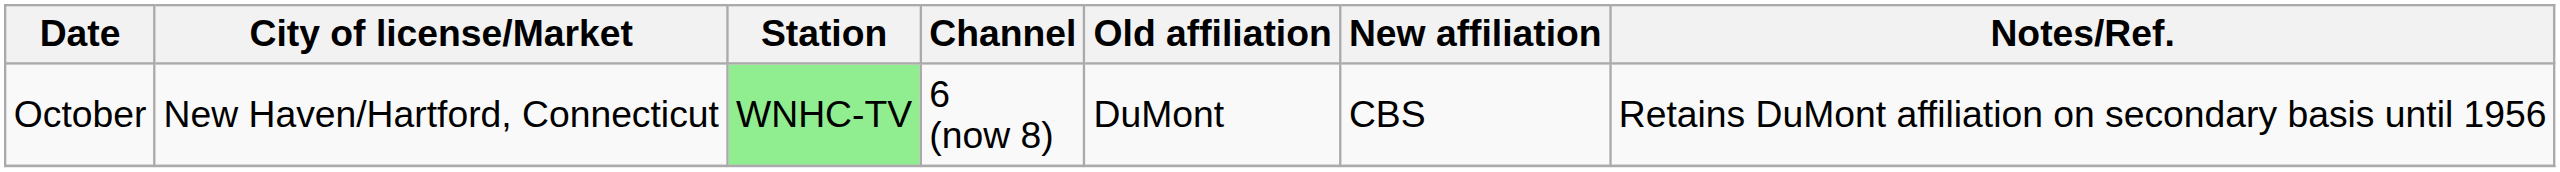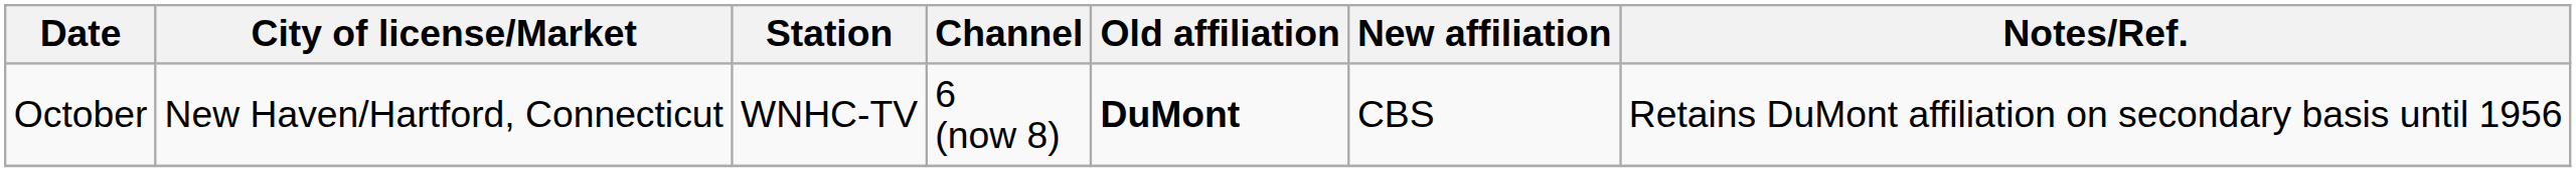 <table class="wikitable sortable">
 <tr>
 <th>Date</th>
 <th>City of license/Market</th>
 <th>Station</th>
 <th>Channel</th>
 <th>Old affiliation</th>
 <th>New affiliation</th>
 <th>Notes/Ref.</th>
 </tr>
 <tr>
 <td>October</td>
 <td>New Haven/Hartford, Connecticut</td>
-<td style="background: lightgreen;">WNHC-TV</td>
+<td>WNHC-TV</td>
 <td>6 <br> (now 8)</td>
-<td>DuMont</td>
+<td><strong>DuMont</strong></td>
 <td>CBS</td>
 <td>Retains DuMont affiliation on secondary basis until 1956</td>
 </tr>
 <tr>
 </tr>
 </table>
